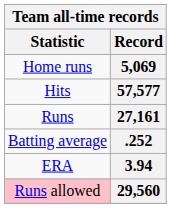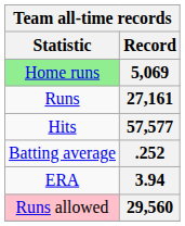 <table class="wikitable" style="text-align:center">
 <tr>
 <th colspan=2>Team all-time records</th>
 </tr>
 <tr>
 <th scope="col">Statistic</th>
 <th scope="col" class="unsortable">Record</th>
 </tr>
 <tr>
-<td><a href='#'>Home runs</a></td>
+<td style="background: lightgreen;"><a href='#'>Home runs</a></td>
 <th scope="row">5,069</th>
+</tr>
+<tr>
+<td><a href='#'>Runs</a></td>
+<th scope="row">27,161</th>
 </tr>
 <tr>
 <td><a href='#'>Hits</a></td>
 <th scope="row">57,577</th>
-</tr>
-<tr>
-<td><a href='#'>Runs</a></td>
-<th scope="row">27,161</th>
 </tr>
 <tr>
 <td><a href='#'>Batting average</a></td>
 <th scope="row">.252</th>
 </tr>
 <tr>
 <td><a href='#'>ERA</a></td>
 <th scope="row">3.94</th>
 </tr>
 <tr>
 <td style="background: pink;"><a href='#'>Runs</a> allowed</td>
 <th scope="row">29,560</th>
 </tr>
 <tr>
 </tr>
 </table>
